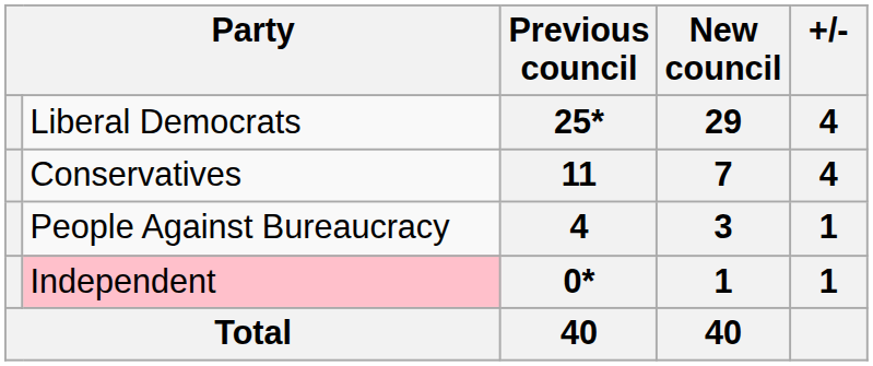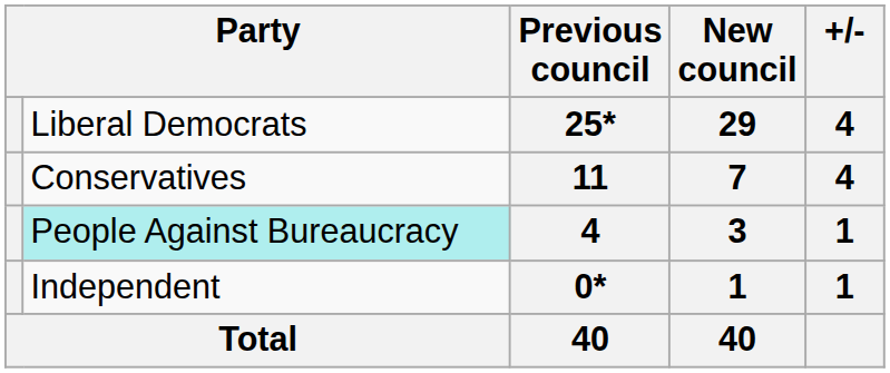 <table class="wikitable">
 <tr>
 <th valign=top colspan="2" style="width: 230px">Party</th>
 <th valign=top style="width: 30px">Previous council</th>
 <th valign=top style="width: 30px">New council</th>
 <th valign=top style="width: 30px">+/-</th>
 </tr>
 <tr>
 <th style="background-color: "></th>
 <td>Liberal Democrats</td>
 <th align=center>25*</th>
 <th align=center>29</th>
 <th align=center> 4</th>
 </tr>
 <tr>
 <th style="background-color: "></th>
 <td>Conservatives</td>
 <th align=center>11</th>
 <th align=center>7</th>
 <th align=center> 4</th>
 </tr>
 <tr>
 <th style="background-color: "></th>
-<td>People Against Bureaucracy</td>
+<td style="background: paleturquoise;">People Against Bureaucracy</td>
 <th align=center>4</th>
 <th align=center>3</th>
 <th align=center> 1</th>
 </tr>
 <tr>
 <th style="background-color: "></th>
-<td style="background: pink;">Independent</td>
+<td>Independent</td>
 <th align=center>0*</th>
 <th align=center>1</th>
 <th align=center> 1</th>
 </tr>
 <tr>
 <th colspan=2>Total</th>
 <th style="text-align: center">40</th>
 <th style="text-align: center">40</th>
 <th></th>
 </tr>
 </table>
